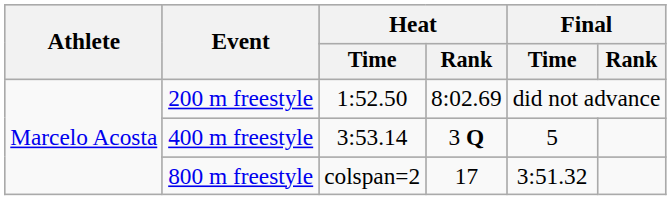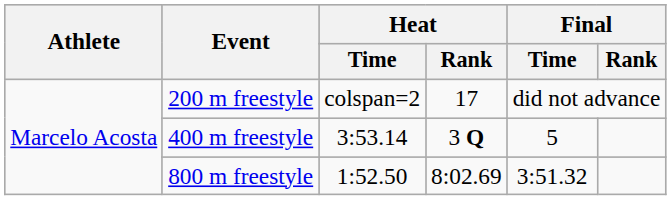 <table class=wikitable style="font-size:90%">
 <tr>
 <th rowspan=2>Athlete</th>
 <th rowspan=2>Event</th>
 <th colspan="2">Heat</th>
 <th colspan="2">Final</th>
 </tr>
 <tr style="font-size:95%">
 <th>Time</th>
 <th>Rank</th>
 <th>Time</th>
 <th>Rank</th>
 </tr>
 <tr align=center>
 <td align=left rowspan=3><a href='#'>Marcelo Acosta</a></td>
 <td align=left><a href='#'>200 m freestyle</a></td>
-<td>1:52.50</td>
-<td>8:02.69</td>
+<td>colspan=2 </td>
+<td>17</td>
 <td colspan=2>did not advance</td>
 </tr>
 <tr align=center>
 <td align=left><a href='#'>400 m freestyle</a></td>
 <td>3:53.14</td>
 <td>3 <strong>Q</strong></td>
 <td>5</td>
 <td></td>
 </tr>
 <tr align=center>
 <td align=left><a href='#'>800 m freestyle</a></td>
-<td>colspan=2 </td>
-<td>17</td>
+<td>1:52.50</td>
+<td>8:02.69</td>
 <td>3:51.32</td>
 </tr>
 </table>
